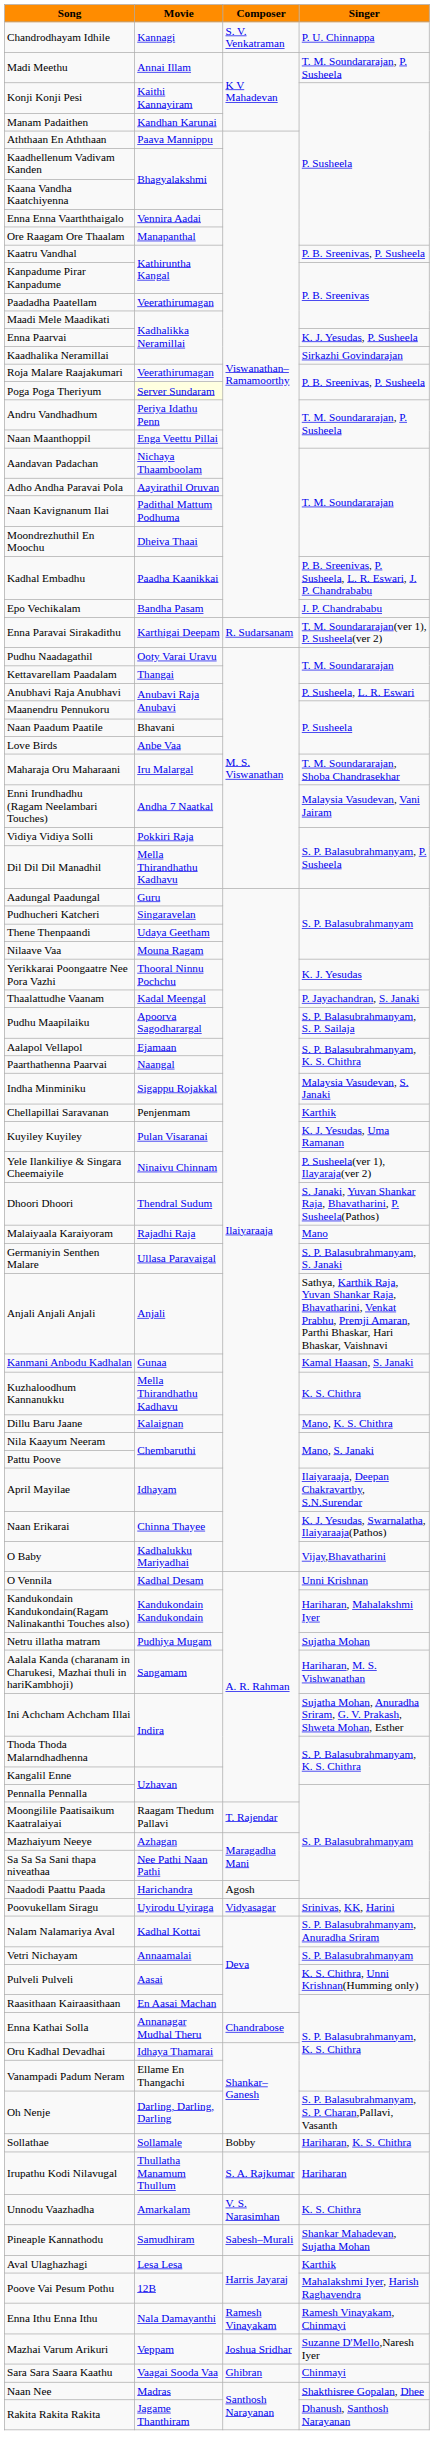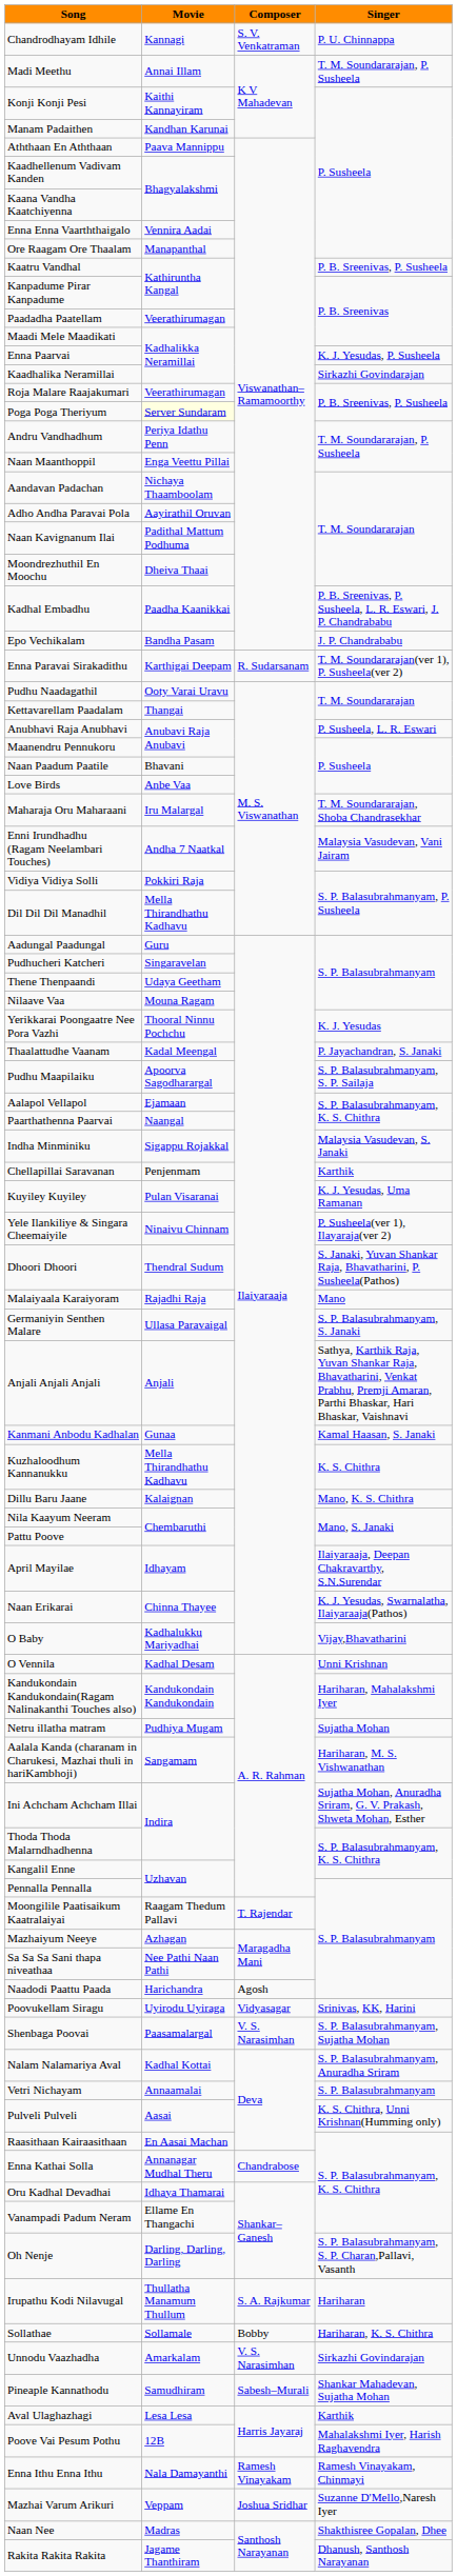 <table class="wikitable">
 <tr>
 <th style="background:#FF8C00">Song</th>
 <th style="background:#FF8C00">Movie</th>
 <th style="background:#FF8C00">Composer</th>
 <th style="background:#FF8C00">Singer</th>
 </tr>
 <tr>
 <td>Chandrodhayam Idhile</td>
 <td><a href='#'>Kannagi</a></td>
 <td><a href='#'>S. V. Venkatraman</a></td>
 <td><a href='#'>P. U. Chinnappa</a></td>
 </tr>
 <tr>
 <td>Madi Meethu</td>
 <td><a href='#'>Annai Illam</a></td>
 <td rowspan=3><a href='#'>K V Mahadevan</a></td>
 <td><a href='#'>T. M. Soundararajan</a>, <a href='#'>P. Susheela</a></td>
 </tr>
 <tr>
 <td>Konji Konji Pesi</td>
 <td><a href='#'>Kaithi Kannayiram</a></td>
 <td rowspan="7"><a href='#'>P. Susheela</a></td>
 </tr>
 <tr>
 <td>Manam Padaithen</td>
 <td><a href='#'>Kandhan Karunai</a></td>
 </tr>
 <tr>
 <td>Aththaan En Aththaan</td>
 <td><a href='#'>Paava Mannippu</a></td>
 <td rowspan="21"><a href='#'>Viswanathan–Ramamoorthy</a></td>
 </tr>
 <tr>
 <td>Kaadhellenum Vadivam Kanden</td>
 <td rowspan="2"><a href='#'>Bhagyalakshmi</a></td>
 </tr>
 <tr>
 <td>Kaana Vandha Kaatchiyenna</td>
 </tr>
 <tr>
 <td>Enna Enna Vaarththaigalo</td>
 <td><a href='#'>Vennira Aadai</a></td>
 </tr>
 <tr>
 <td>Ore Raagam Ore Thaalam</td>
 <td><a href='#'>Manapanthal</a></td>
 </tr>
 <tr>
 <td>Kaatru Vandhal</td>
 <td rowspan=2><a href='#'>Kathiruntha Kangal</a></td>
 <td><a href='#'>P. B. Sreenivas</a>, <a href='#'>P. Susheela</a></td>
 </tr>
 <tr>
 <td>Kanpadume Pirar Kanpadume</td>
 <td rowspan="3"><a href='#'>P. B. Sreenivas</a></td>
 </tr>
 <tr>
 <td>Paadadha Paatellam</td>
 <td><a href='#'>Veerathirumagan</a></td>
 </tr>
 <tr>
 <td>Maadi Mele Maadikati</td>
 <td rowspan="3"><a href='#'>Kadhalikka Neramillai</a></td>
 </tr>
 <tr>
 <td>Enna Paarvai</td>
 <td><a href='#'>K. J. Yesudas</a>, <a href='#'>P. Susheela</a></td>
 </tr>
 <tr>
 <td>Kaadhalika Neramillai</td>
 <td><a href='#'>Sirkazhi Govindarajan</a></td>
 </tr>
 <tr>
 <td>Roja Malare Raajakumari</td>
 <td><a href='#'>Veerathirumagan</a></td>
 <td rowspan="2"><a href='#'>P. B. Sreenivas</a>, <a href='#'>P. Susheela</a></td>
 </tr>
 <tr>
 <td>Poga Poga Theriyum</td>
 <td style="background: lightyellow;"><a href='#'>Server Sundaram</a></td>
 </tr>
 <tr>
 <td>Andru Vandhadhum</td>
 <td><a href='#'>Periya Idathu Penn</a></td>
 <td rowspan="2"><a href='#'>T. M. Soundararajan</a>, <a href='#'>P. Susheela</a></td>
 </tr>
 <tr>
 <td>Naan Maanthoppil</td>
 <td><a href='#'>Enga Veettu Pillai</a></td>
 </tr>
 <tr>
 <td>Aandavan Padachan</td>
 <td><a href='#'>Nichaya Thaamboolam</a></td>
 <td rowspan="4"><a href='#'>T. M. Soundararajan</a></td>
 </tr>
 <tr>
 <td>Adho Andha Paravai Pola</td>
 <td><a href='#'>Aayirathil Oruvan</a></td>
 </tr>
 <tr>
 <td>Naan Kavignanum Ilai</td>
 <td><a href='#'>Padithal Mattum Podhuma</a></td>
 </tr>
 <tr>
 <td>Moondrezhuthil En Moochu</td>
 <td><a href='#'>Dheiva Thaai</a></td>
 </tr>
 <tr>
 <td>Kadhal Embadhu</td>
 <td><a href='#'>Paadha Kaanikkai</a></td>
 <td><a href='#'>P. B. Sreenivas</a>, <a href='#'>P. Susheela</a>, <a href='#'>L. R. Eswari</a>, <a href='#'>J. P. Chandrababu</a></td>
 </tr>
 <tr>
 <td>Epo Vechikalam</td>
 <td><a href='#'>Bandha Pasam</a></td>
 <td><a href='#'>J. P. Chandrababu</a></td>
 </tr>
 <tr>
 <td>Enna Paravai Sirakadithu</td>
 <td><a href='#'>Karthigai Deepam</a></td>
 <td><a href='#'>R. Sudarsanam</a></td>
 <td><a href='#'>T. M. Soundararajan</a>(ver 1), <a href='#'>P. Susheela</a>(ver 2)</td>
 </tr>
 <tr>
 <td>Pudhu Naadagathil</td>
 <td><a href='#'>Ooty Varai Uravu</a></td>
 <td rowspan="10"><a href='#'>M. S. Viswanathan</a></td>
 <td rowspan="2"><a href='#'>T. M. Soundararajan</a></td>
 </tr>
 <tr>
 <td>Kettavarellam Paadalam</td>
 <td><a href='#'>Thangai</a></td>
 </tr>
 <tr>
 <td>Anubhavi Raja Anubhavi</td>
 <td rowspan="2"><a href='#'>Anubavi Raja Anubavi</a></td>
 <td><a href='#'>P. Susheela</a>, <a href='#'>L. R. Eswari</a></td>
 </tr>
 <tr>
 <td>Maanendru Pennukoru</td>
 <td rowspan="3"><a href='#'>P. Susheela</a></td>
 </tr>
 <tr>
 <td>Naan Paadum Paatile</td>
 <td>Bhavani</td>
 </tr>
 <tr>
 <td>Love Birds</td>
 <td><a href='#'>Anbe Vaa</a></td>
 </tr>
 <tr>
 <td>Maharaja Oru Maharaani</td>
 <td><a href='#'>Iru Malargal</a></td>
 <td><a href='#'>T. M. Soundararajan</a>, <a href='#'>Shoba Chandrasekhar</a></td>
 </tr>
 <tr>
 <td>Enni Irundhadhu<br>(Ragam Neelambari Touches)</td>
 <td><a href='#'>Andha 7 Naatkal</a></td>
 <td><a href='#'>Malaysia Vasudevan</a>, <a href='#'>Vani Jairam</a></td>
 </tr>
 <tr>
 <td>Vidiya Vidiya Solli</td>
 <td><a href='#'>Pokkiri Raja</a></td>
 <td rowspan=2><a href='#'>S. P. Balasubrahmanyam</a>, <a href='#'>P. Susheela</a></td>
 </tr>
 <tr>
 <td>Dil Dil Dil Manadhil</td>
 <td><a href='#'>Mella Thirandhathu Kadhavu</a></td>
 </tr>
 <tr>
 <td>Aadungal Paadungal</td>
 <td><a href='#'>Guru</a></td>
 <td rowspan="25"><a href='#'>Ilaiyaraaja</a></td>
 <td rowspan="4"><a href='#'>S. P. Balasubrahmanyam</a></td>
 </tr>
 <tr>
 <td>Pudhucheri Katcheri</td>
 <td><a href='#'>Singaravelan</a></td>
 </tr>
 <tr>
 <td>Thene Thenpaandi</td>
 <td><a href='#'>Udaya Geetham</a></td>
 </tr>
 <tr>
 <td>Nilaave Vaa</td>
 <td><a href='#'>Mouna Ragam</a></td>
 </tr>
 <tr>
 <td>Yerikkarai Poongaatre Nee Pora Vazhi</td>
 <td><a href='#'>Thooral Ninnu Pochchu</a></td>
 <td><a href='#'>K. J. Yesudas</a></td>
 </tr>
 <tr>
 <td>Thaalattudhe Vaanam</td>
 <td><a href='#'>Kadal Meengal</a></td>
 <td><a href='#'>P. Jayachandran</a>, <a href='#'>S. Janaki</a></td>
 </tr>
 <tr>
 <td>Pudhu Maapilaiku</td>
 <td><a href='#'>Apoorva Sagodharargal</a></td>
 <td><a href='#'>S. P. Balasubrahmanyam</a>, <a href='#'>S. P. Sailaja</a></td>
 </tr>
 <tr>
 <td>Aalapol Vellapol</td>
 <td><a href='#'>Ejamaan</a></td>
 <td rowspan=2><a href='#'>S. P. Balasubrahmanyam</a>, <a href='#'>K. S. Chithra</a></td>
 </tr>
 <tr>
 <td>Paarthathenna Paarvai</td>
 <td><a href='#'>Naangal</a></td>
 </tr>
 <tr>
 <td>Indha Minminiku</td>
 <td><a href='#'>Sigappu Rojakkal</a></td>
 <td><a href='#'>Malaysia Vasudevan</a>, <a href='#'>S. Janaki</a></td>
 </tr>
 <tr>
 <td>Chellapillai Saravanan</td>
 <td>Penjenmam</td>
 <td><a href='#'>Karthik</a></td>
 </tr>
 <tr>
 <td>Kuyiley Kuyiley</td>
 <td><a href='#'>Pulan Visaranai</a></td>
 <td><a href='#'>K. J. Yesudas</a>, <a href='#'>Uma Ramanan</a></td>
 </tr>
 <tr>
 <td>Yele Ilankiliye & Singara Cheemaiyile</td>
 <td><a href='#'>Ninaivu Chinnam</a></td>
 <td><a href='#'>P. Susheela</a>(ver 1), <a href='#'>Ilayaraja</a>(ver 2)</td>
 </tr>
 <tr>
 <td>Dhoori Dhoori</td>
 <td><a href='#'>Thendral Sudum</a></td>
 <td><a href='#'>S. Janaki</a>, <a href='#'>Yuvan Shankar Raja</a>, <a href='#'>Bhavatharini</a>, <a href='#'>P. Susheela</a>(Pathos)</td>
 </tr>
 <tr>
 <td>Malaiyaala Karaiyoram</td>
 <td><a href='#'>Rajadhi Raja</a></td>
 <td><a href='#'>Mano</a></td>
 </tr>
 <tr>
 <td>Germaniyin Senthen Malare</td>
 <td><a href='#'>Ullasa Paravaigal</a></td>
 <td><a href='#'>S. P. Balasubrahmanyam</a>, <a href='#'>S. Janaki</a></td>
 </tr>
 <tr>
 <td>Anjali Anjali Anjali</td>
 <td><a href='#'>Anjali</a></td>
 <td>Sathya, <a href='#'>Karthik Raja</a>, <a href='#'>Yuvan Shankar Raja</a>,<br><a href='#'>Bhavatharini</a>, <a href='#'>Venkat Prabhu</a>, <a href='#'>Premji Amaran</a>, Parthi Bhaskar, Hari Bhaskar, Vaishnavi</td>
 </tr>
 <tr>
 <td><a href='#'>Kanmani Anbodu Kadhalan</a></td>
 <td><a href='#'>Gunaa</a></td>
 <td><a href='#'>Kamal Haasan</a>, <a href='#'>S. Janaki</a></td>
 </tr>
 <tr>
 <td>Kuzhaloodhum Kannanukku</td>
 <td><a href='#'>Mella Thirandhathu Kadhavu</a></td>
 <td><a href='#'>K. S. Chithra</a></td>
 </tr>
 <tr>
 <td>Dillu Baru Jaane</td>
 <td><a href='#'>Kalaignan</a></td>
 <td><a href='#'>Mano</a>, <a href='#'>K. S. Chithra</a></td>
 </tr>
 <tr>
 <td>Nila Kaayum Neeram</td>
 <td rowspan=2><a href='#'>Chembaruthi</a></td>
 <td rowspan=2><a href='#'>Mano</a>, <a href='#'>S. Janaki</a></td>
 </tr>
 <tr>
 <td>Pattu Poove</td>
 </tr>
 <tr>
 <td>April Mayilae</td>
 <td><a href='#'>Idhayam</a></td>
 <td><a href='#'>Ilaiyaraaja</a>, <a href='#'>Deepan Chakravarthy</a>, <a href='#'>S.N.Surendar</a></td>
 </tr>
 <tr>
 <td>Naan Erikarai</td>
 <td><a href='#'>Chinna Thayee</a></td>
 <td><a href='#'>K. J. Yesudas</a>, <a href='#'>Swarnalatha</a>, <a href='#'>Ilaiyaraaja</a>(Pathos)</td>
 </tr>
 <tr>
 <td>O Baby</td>
 <td><a href='#'>Kadhalukku Mariyadhai</a></td>
 <td><a href='#'>Vijay</a>,<a href='#'>Bhavatharini</a></td>
 </tr>
 <tr>
 <td>O Vennila</td>
 <td><a href='#'>Kadhal Desam</a></td>
 <td rowspan="8"><a href='#'>A. R. Rahman</a></td>
 <td><a href='#'>Unni Krishnan</a></td>
 </tr>
 <tr>
 <td>Kandukondain Kandukondain(Ragam Nalinakanthi Touches also)</td>
 <td><a href='#'>Kandukondain Kandukondain</a></td>
 <td><a href='#'>Hariharan</a>, <a href='#'>Mahalakshmi Iyer</a></td>
 </tr>
 <tr>
 <td>Netru illatha matram</td>
 <td><a href='#'>Pudhiya Mugam</a></td>
 <td><a href='#'>Sujatha Mohan</a></td>
 </tr>
 <tr>
 <td>Aalala Kanda (charanam in Charukesi, Mazhai thuli in hariKambhoji)</td>
 <td><a href='#'>Sangamam</a></td>
 <td><a href='#'>Hariharan</a>, <a href='#'>M. S. Vishwanathan</a></td>
 </tr>
 <tr>
 <td>Ini Achcham Achcham Illai</td>
 <td rowspan=2><a href='#'>Indira</a></td>
 <td><a href='#'>Sujatha Mohan</a>, <a href='#'>Anuradha Sriram</a>, <a href='#'>G. V. Prakash</a>, <a href='#'>Shweta Mohan</a>, Esther</td>
 </tr>
 <tr>
 <td>Thoda Thoda Malarndhadhenna</td>
 <td rowspan=2><a href='#'>S. P. Balasubrahmanyam</a>, <a href='#'>K. S. Chithra</a></td>
 </tr>
 <tr>
 <td>Kangalil Enne</td>
 <td rowspan=2><a href='#'>Uzhavan</a></td>
 </tr>
 <tr>
 <td>Pennalla Pennalla</td>
 <td rowspan=5><a href='#'>S. P. Balasubrahmanyam</a></td>
 </tr>
 <tr>
 <td>Moongilile Paatisaikum Kaatralaiyai</td>
 <td>Raagam Thedum Pallavi</td>
 <td><a href='#'>T. Rajendar</a></td>
 </tr>
 <tr>
 <td>Mazhaiyum Neeye</td>
 <td><a href='#'>Azhagan</a></td>
 <td rowspan=2><a href='#'>Maragadha Mani</a></td>
 </tr>
 <tr>
 <td>Sa Sa Sa Sani thapa niveathaa</td>
 <td><a href='#'>Nee Pathi Naan Pathi</a></td>
 </tr>
 <tr>
 <td>Naadodi Paattu Paada</td>
 <td><a href='#'>Harichandra</a></td>
 <td>Agosh</td>
 </tr>
 <tr>
 <td>Poovukellam Siragu</td>
 <td><a href='#'>Uyirodu Uyiraga</a></td>
 <td><a href='#'>Vidyasagar</a></td>
 <td><a href='#'>Srinivas</a>, <a href='#'>KK</a>, <a href='#'>Harini</a></td>
 </tr>
 <tr>
+<td>Shenbaga Poovai</td>
+<td><a href='#'>Paasamalargal</a></td>
+<td><a href='#'>V. S. Narasimhan</a></td>
+<td><a href='#'>S. P. Balasubrahmanyam</a>, <a href='#'>Sujatha Mohan</a></td>
+</tr>
+<tr>
 <td>Nalam Nalamariya Aval</td>
 <td><a href='#'>Kadhal Kottai</a></td>
 <td rowspan="4"><a href='#'>Deva</a></td>
 <td><a href='#'>S. P. Balasubrahmanyam</a>, <a href='#'>Anuradha Sriram</a></td>
 </tr>
 <tr>
 <td>Vetri Nichayam</td>
 <td><a href='#'>Annaamalai</a></td>
 <td><a href='#'>S. P. Balasubrahmanyam</a></td>
 </tr>
 <tr>
 <td>Pulveli Pulveli</td>
 <td><a href='#'>Aasai</a></td>
 <td><a href='#'>K. S. Chithra</a>, <a href='#'>Unni Krishnan</a>(Humming only)</td>
 </tr>
 <tr>
 <td>Raasithaan Kairaasithaan</td>
 <td><a href='#'>En Aasai Machan</a></td>
 <td rowspan=4><a href='#'>S. P. Balasubrahmanyam</a>, <a href='#'>K. S. Chithra</a></td>
 </tr>
 <tr>
 <td>Enna Kathai Solla</td>
 <td><a href='#'>Annanagar Mudhal Theru</a></td>
 <td><a href='#'>Chandrabose</a></td>
 </tr>
 <tr>
 <td>Oru Kadhal Devadhai</td>
 <td><a href='#'>Idhaya Thamarai</a></td>
 <td rowspan=3><a href='#'>Shankar–Ganesh</a></td>
 </tr>
 <tr>
 <td>Vanampadi Padum Neram</td>
 <td>Ellame En Thangachi</td>
 </tr>
 <tr>
 <td>Oh Nenje</td>
 <td><a href='#'>Darling, Darling, Darling</a></td>
 <td><a href='#'>S. P. Balasubrahmanyam</a>, <a href='#'>S. P. Charan</a>,Pallavi, Vasanth</td>
 </tr>
 <tr>
+<td>Irupathu Kodi Nilavugal</td>
+<td><a href='#'>Thullatha Manamum Thullum</a></td>
+<td><a href='#'>S. A. Rajkumar</a></td>
+<td><a href='#'>Hariharan</a></td>
+</tr>
+<tr>
 <td>Sollathae</td>
 <td><a href='#'>Sollamale</a></td>
 <td>Bobby</td>
 <td><a href='#'>Hariharan</a>, <a href='#'>K. S. Chithra</a></td>
 </tr>
 <tr>
-<td>Irupathu Kodi Nilavugal</td>
-<td><a href='#'>Thullatha Manamum Thullum</a></td>
-<td><a href='#'>S. A. Rajkumar</a></td>
-<td><a href='#'>Hariharan</a></td>
-</tr>
-<tr>
 <td>Unnodu Vaazhadha</td>
 <td><a href='#'>Amarkalam</a></td>
 <td><a href='#'>V. S. Narasimhan</a></td>
-<td><a href='#'>K. S. Chithra</a></td>
+<td><a href='#'>Sirkazhi Govindarajan</a></td>
 </tr>
 <tr>
 <td>Pineaple Kannathodu</td>
 <td><a href='#'>Samudhiram</a></td>
 <td><a href='#'>Sabesh–Murali</a></td>
 <td><a href='#'>Shankar Mahadevan</a>, <a href='#'>Sujatha Mohan</a></td>
 </tr>
 <tr>
 <td>Aval Ulaghazhagi</td>
 <td><a href='#'>Lesa Lesa</a></td>
 <td rowspan=2><a href='#'>Harris Jayaraj</a></td>
 <td><a href='#'>Karthik</a></td>
 </tr>
 <tr>
 <td>Poove Vai Pesum Pothu</td>
 <td><a href='#'>12B</a></td>
 <td><a href='#'>Mahalakshmi Iyer</a>, <a href='#'>Harish Raghavendra</a></td>
 </tr>
 <tr>
 <td>Enna Ithu Enna Ithu</td>
 <td><a href='#'>Nala Damayanthi</a></td>
 <td><a href='#'>Ramesh Vinayakam</a></td>
 <td><a href='#'>Ramesh Vinayakam</a>, <a href='#'>Chinmayi</a></td>
 </tr>
 <tr>
 <td>Mazhai Varum Arikuri</td>
 <td><a href='#'>Veppam</a></td>
 <td><a href='#'>Joshua Sridhar</a></td>
 <td><a href='#'>Suzanne D'Mello</a>,Naresh Iyer</td>
 </tr>
 <tr>
-<td>Sara Sara Saara Kaathu</td>
-<td><a href='#'>Vaagai Sooda Vaa</a></td>
-<td><a href='#'>Ghibran</a></td>
-<td><a href='#'>Chinmayi</a></td>
-</tr>
-<tr>
 <td>Naan Nee</td>
 <td><a href='#'>Madras</a></td>
 <td rowspan=2><a href='#'>Santhosh Narayanan</a></td>
 <td><a href='#'>Shakthisree Gopalan</a>, <a href='#'>Dhee</a></td>
 </tr>
 <tr>
 <td>Rakita Rakita Rakita</td>
 <td><a href='#'>Jagame Thanthiram</a></td>
 <td><a href='#'>Dhanush</a>, <a href='#'>Santhosh Narayanan</a></td>
 </tr>
 </table>
